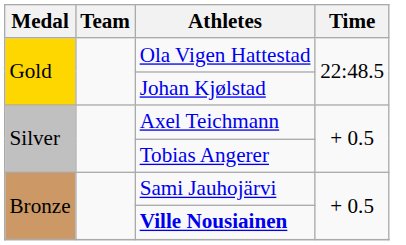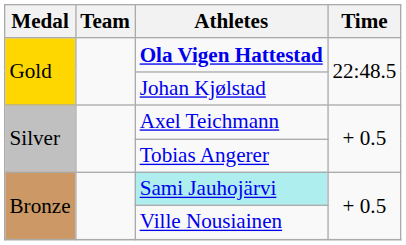 <table class="wikitable">
 <tr>
 <th align=left>Medal</th>
 <th>Team</th>
 <th>Athletes</th>
 <th align=Center>Time</th>
 </tr>
 <tr>
 <td bgcolor="gold" align=left rowspan="2">Gold</td>
 <td align=left rowspan="2"></td>
-<td align=left><a href='#'>Ola Vigen Hattestad</a></td>
+<td align=left><strong><a href='#'>Ola Vigen Hattestad</a></strong></td>
 <td align=center rowspan="2">22:48.5</td>
 </tr>
 <tr>
 <td align=left><a href='#'>Johan Kjølstad</a></td>
 </tr>
 <tr>
 <td bgcolor="silver" align=left rowspan="2">Silver</td>
 <td align=left rowspan="2"></td>
 <td align=left><a href='#'>Axel Teichmann</a></td>
 <td align=center rowspan="2">+ 0.5</td>
 </tr>
 <tr>
 <td align=left><a href='#'>Tobias Angerer</a></td>
 </tr>
 <tr>
 <td bgcolor="CC9966" align=left rowspan="2">Bronze</td>
 <td align=left rowspan="2"></td>
-<td align=left><a href='#'>Sami Jauhojärvi</a></td>
+<td align=left style="background: paleturquoise;"><a href='#'>Sami Jauhojärvi</a></td>
 <td align=center rowspan="2">+ 0.5</td>
 </tr>
 <tr>
-<td align=left><strong><a href='#'>Ville Nousiainen</a></strong></td>
+<td align=left><a href='#'>Ville Nousiainen</a></td>
 </tr>
 <tr>
 </tr>
 </table>
